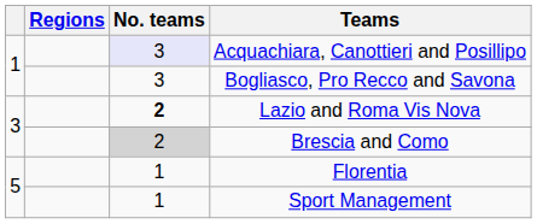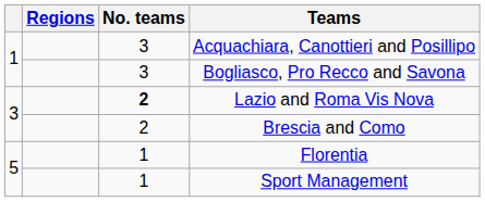 <table class="wikitable">
 <tr>
 <th></th>
 <th><a href='#'>Regions</a></th>
 <th>No. teams</th>
 <th>Teams</th>
 </tr>
 <tr>
 <td rowspan=2>1</td>
 <td></td>
-<td align=center style="background: lavender;">3</td>
+<td align=center>3</td>
 <td align=center><a href='#'>Acquachiara</a>, <a href='#'>Canottieri</a> and <a href='#'>Posillipo</a></td>
 </tr>
 <tr>
 <td></td>
 <td align=center>3</td>
 <td align=center><a href='#'>Bogliasco</a>, <a href='#'>Pro Recco</a> and <a href='#'>Savona</a></td>
 </tr>
 <tr>
 <td rowspan=2>3</td>
 <td></td>
 <td align=center><strong>2</strong></td>
 <td align=center><a href='#'>Lazio</a> and <a href='#'>Roma Vis Nova</a></td>
 </tr>
 <tr>
 <td></td>
-<td align=center style="background: lightgrey;">2</td>
+<td align=center>2</td>
 <td align=center><a href='#'>Brescia</a> and <a href='#'>Como</a></td>
 </tr>
 <tr>
 <td rowspan=2>5</td>
 <td></td>
 <td align=center>1</td>
 <td align=center><a href='#'>Florentia</a></td>
 </tr>
 <tr>
 <td></td>
 <td align=center>1</td>
 <td align=center><a href='#'>Sport Management</a></td>
 </tr>
 </table>
